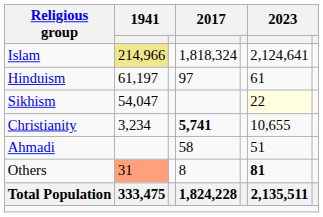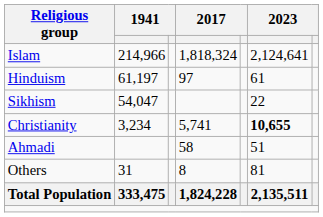 <table class="wikitable sortable">
 <tr>
 <th rowspan="2"><a href='#'>Religious</a><br>group</th>
 <th colspan="2">1941</th>
 <th colspan="2">2017</th>
 <th colspan="2">2023</th>
 </tr>
 <tr>
 <th><a href='#'></a></th>
 <th></th>
 <th></th>
 <th></th>
 <th></th>
 <th></th>
 </tr>
 <tr>
 <td><a href='#'>Islam</a> </td>
-<td style="background: khaki;">214,966</td>
+<td>214,966</td>
 <td></td>
 <td>1,818,324</td>
 <td></td>
 <td>2,124,641</td>
 <td></td>
 </tr>
 <tr>
 <td><a href='#'>Hinduism</a> </td>
 <td>61,197</td>
 <td></td>
 <td>97</td>
 <td></td>
 <td>61</td>
 <td></td>
 </tr>
 <tr>
 <td><a href='#'>Sikhism</a> </td>
 <td>54,047</td>
 <td></td>
 <td></td>
 <td></td>
-<td style="background: lightyellow;">22</td>
+<td>22</td>
 <td></td>
 </tr>
 <tr>
 <td><a href='#'>Christianity</a> </td>
 <td>3,234</td>
 <td></td>
-<td><strong>5,741</strong></td>
+<td>5,741</td>
 <td></td>
-<td>10,655</td>
+<td><strong>10,655</strong></td>
 <td></td>
 </tr>
 <tr>
 <td><a href='#'>Ahmadi</a></td>
 <td></td>
 <td></td>
 <td>58</td>
 <td></td>
 <td>51</td>
 <td></td>
 </tr>
 <tr>
 <td>Others</td>
-<td style="background: lightsalmon;">31</td>
+<td>31</td>
 <td></td>
 <td>8</td>
 <td></td>
-<td><strong>81</strong></td>
+<td>81</td>
 <td></td>
 </tr>
 <tr>
 <th>Total Population</th>
 <th>333,475</th>
 <th></th>
 <th>1,824,228</th>
 <th></th>
 <th>2,135,511</th>
 <th></th>
 </tr>
 <tr class="sortbottom">
 <td colspan="7"></td>
 </tr>
 </table>
